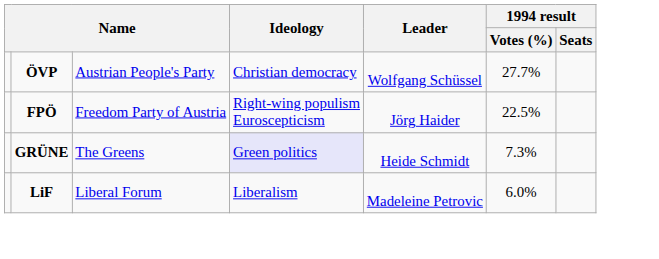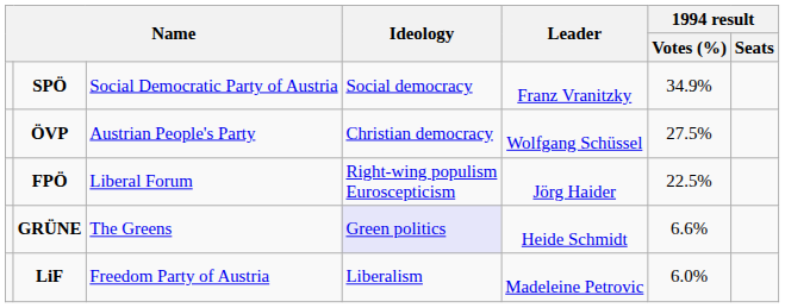 <table class="wikitable">
 <tr>
 <th rowspan="2" colspan="3">Name</th>
 <th rowspan="2">Ideology</th>
 <th rowspan="2">Leader</th>
 <th colspan="2">1994 result</th>
 </tr>
 <tr>
 <th>Votes (%)</th>
 <th>Seats</th>
 </tr>
 <tr>
 <td style="background:"></td>
+<td style="text-align:center;"><strong>SPÖ</strong></td>
+<td><a href='#'>Social Democratic Party of Austria</a><br></td>
+<td><a href='#'>Social democracy</a></td>
+<td align=center><br><a href='#'>Franz Vranitzky</a></td>
+<td style="text-align:center;">34.9%</td>
+<td></td>
+</tr>
+<tr>
+<td style="background:"></td>
 <td style="text-align:center;"><strong>ÖVP</strong></td>
 <td><a href='#'>Austrian People's Party</a><br></td>
 <td><a href='#'>Christian democracy</a></td>
 <td align=center><br><a href='#'>Wolfgang Schüssel</a></td>
-<td style="text-align:center;">27.7%</td>
+<td style="text-align:center;">27.5%</td>
 <td></td>
 </tr>
 <tr>
 <td style="background:"></td>
 <td style="text-align:center;"><strong>FPÖ</strong></td>
-<td><a href='#'>Freedom Party of Austria</a><br></td>
+<td><a href='#'>Liberal Forum</a><br></td>
 <td><a href='#'>Right-wing populism</a><br><a href='#'>Euroscepticism</a></td>
 <td align=center><br><a href='#'>Jörg Haider</a></td>
 <td style="text-align:center;">22.5%</td>
 <td></td>
 </tr>
 <tr>
 <td style="background:"></td>
 <td style="text-align:center;"><strong>GRÜNE</strong></td>
 <td><a href='#'>The Greens</a><br></td>
 <td style="background: lavender;"><a href='#'>Green politics</a></td>
 <td align=center><br><a href='#'>Heide Schmidt</a></td>
-<td style="text-align:center;">7.3%</td>
+<td style="text-align:center;">6.6%</td>
 <td></td>
 </tr>
 <tr>
 <td style="background:"></td>
 <td style="text-align:center;"><strong>LiF</strong></td>
-<td><a href='#'>Liberal Forum</a><br></td>
+<td><a href='#'>Freedom Party of Austria</a><br></td>
 <td><a href='#'>Liberalism</a></td>
 <td align=center><br><a href='#'>Madeleine Petrovic</a></td>
 <td style="text-align:center;">6.0%</td>
 <td></td>
 </tr>
 </table>
